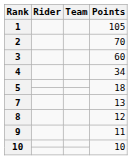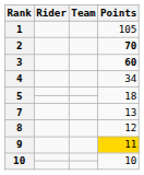 <table class="wikitable">
 <tr>
 <th scope="col">Rank</th>
 <th scope="col">Rider</th>
 <th scope="col">Team</th>
 <th scope="col">Points</th>
 </tr>
 <tr>
 <th scope="row">1</th>
 <td></td>
 <td></td>
 <td style="text-align:right;">105</td>
 </tr>
 <tr>
 <th scope="row">2</th>
 <td></td>
 <td></td>
-<td style="text-align:right;">70</td>
+<td style="text-align:right;"><strong>70</strong></td>
 </tr>
 <tr>
 <th scope="row">3</th>
 <td></td>
 <td></td>
-<td style="text-align:right;">60</td>
+<td style="text-align:right;"><strong>60</strong></td>
 </tr>
 <tr>
 <th scope="row">4</th>
 <td></td>
 <td></td>
 <td style="text-align:right;">34</td>
 </tr>
 <tr>
 <th scope="row" rowspan="2">5</th>
 <td></td>
 <td></td>
 <td style="text-align:right;" rowspan="2">18</td>
 </tr>
 <tr>
 <td></td>
 <td></td>
 </tr>
 <tr>
 <th scope="row">7</th>
 <td></td>
 <td></td>
 <td style="text-align:right;">13</td>
 </tr>
 <tr>
 <th scope="row">8</th>
 <td> </td>
 <td></td>
 <td style="text-align:right;">12</td>
 </tr>
 <tr>
 <th scope="row">9</th>
 <td></td>
 <td></td>
-<td style="text-align:right;">11</td>
+<td style="background: gold; text-align:right;">11</td>
 </tr>
 <tr>
 <th scope="row" rowspan="2">10</th>
 <td></td>
 <td></td>
 <td style="text-align:right;" rowspan="2">10</td>
 </tr>
 <tr>
 <td></td>
 <td></td>
 </tr>
 </table>
